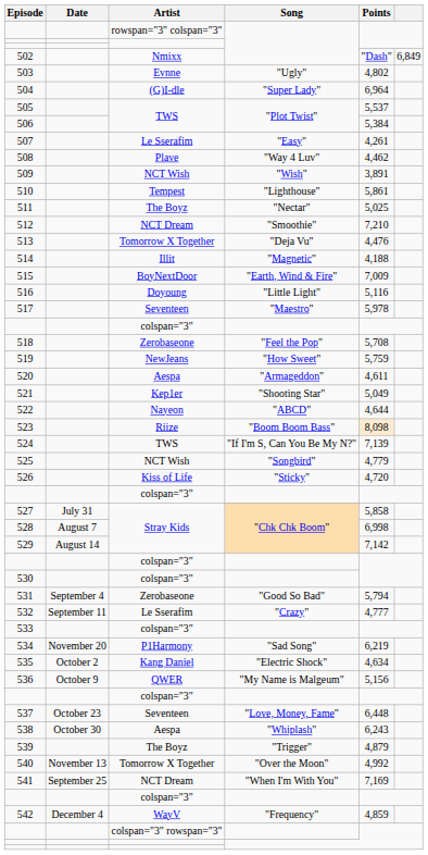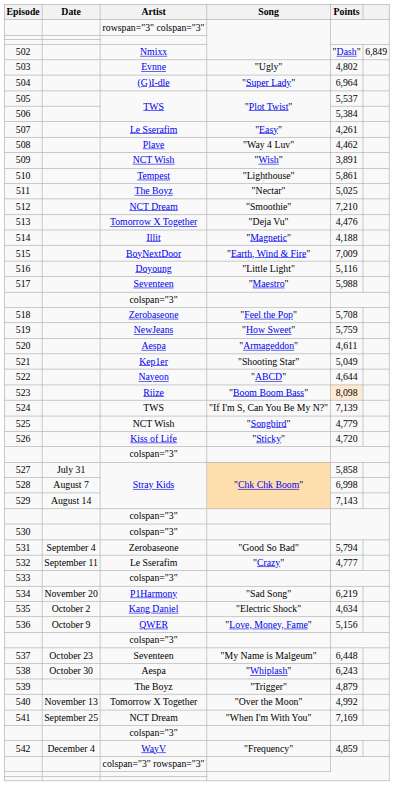 <table class="wikitable plainrowheaders sortable" style="text-align:center">
 <tr>
 <th scope="col">Episode</th>
 <th scope="col">Date</th>
 <th scope="col">Artist</th>
 <th scope="col">Song</th>
 <th scope="col">Points</th>
 <th class=unsortable></th>
 </tr>
 <tr>
 <td></td>
 <td></td>
 <td>rowspan="3" colspan="3" </td>
 <td rowspan="4"></td>
 </tr>
 <tr>
 <td></td>
 <td></td>
 </tr>
 <tr>
 <td></td>
 <td></td>
 </tr>
 <tr>
 <td>502</td>
 <td></td>
 <td><a href='#'>Nmixx</a></td>
 <td>"<a href='#'>Dash</a>"</td>
 <td>6,849</td>
 </tr>
 <tr>
 <td>503</td>
 <td></td>
 <td><a href='#'>Evnne</a></td>
 <td>"Ugly"</td>
 <td>4,802</td>
 <td></td>
 </tr>
 <tr>
 <td>504</td>
 <td></td>
 <td><a href='#'>(G)I-dle</a></td>
 <td>"<a href='#'>Super Lady</a>"</td>
 <td>6,964</td>
 <td></td>
 </tr>
 <tr>
 <td>505</td>
 <td></td>
 <td rowspan="2"><a href='#'>TWS</a></td>
 <td rowspan="2">"<a href='#'>Plot Twist</a>"</td>
 <td>5,537</td>
 <td></td>
 </tr>
 <tr>
 <td>506</td>
 <td></td>
 <td>5,384</td>
 <td></td>
 </tr>
 <tr>
 <td>507</td>
 <td></td>
 <td><a href='#'>Le Sserafim</a></td>
 <td>"<a href='#'>Easy</a>"</td>
 <td>4,261</td>
 <td></td>
 </tr>
 <tr>
 <td>508</td>
 <td></td>
 <td><a href='#'>Plave</a></td>
 <td>"Way 4 Luv"</td>
 <td>4,462</td>
 <td></td>
 </tr>
 <tr>
 <td>509</td>
 <td></td>
 <td><a href='#'>NCT Wish</a></td>
 <td>"<a href='#'>Wish</a>" </td>
 <td>3,891</td>
 <td></td>
 </tr>
 <tr>
 <td>510</td>
 <td></td>
 <td><a href='#'>Tempest</a></td>
 <td>"Lighthouse"</td>
 <td>5,861</td>
 <td></td>
 </tr>
 <tr>
 <td>511</td>
 <td></td>
 <td><a href='#'>The Boyz</a></td>
 <td>"Nectar"</td>
 <td>5,025</td>
 <td></td>
 </tr>
 <tr>
 <td>512</td>
 <td></td>
 <td><a href='#'>NCT Dream</a></td>
 <td>"Smoothie"</td>
 <td>7,210</td>
 <td></td>
 </tr>
 <tr>
 <td>513</td>
 <td></td>
 <td><a href='#'>Tomorrow X Together</a></td>
 <td>"Deja Vu"</td>
 <td>4,476</td>
 <td></td>
 </tr>
 <tr>
 <td>514</td>
 <td></td>
 <td><a href='#'>Illit</a></td>
 <td>"<a href='#'>Magnetic</a>"</td>
 <td>4,188</td>
 <td></td>
 </tr>
 <tr>
 <td>515</td>
 <td></td>
 <td><a href='#'>BoyNextDoor</a></td>
 <td>"<a href='#'>Earth, Wind & Fire</a>"</td>
 <td>7,009</td>
 <td></td>
 </tr>
 <tr>
 <td>516</td>
 <td></td>
 <td><a href='#'>Doyoung</a></td>
 <td>"Little Light"</td>
 <td>5,116</td>
 <td></td>
 </tr>
 <tr>
 <td>517</td>
 <td></td>
 <td><a href='#'>Seventeen</a></td>
 <td>"<a href='#'>Maestro</a>"</td>
-<td>5,978</td>
+<td>5,988</td>
 <td></td>
 </tr>
 <tr>
 <td></td>
 <td></td>
 <td>colspan="3"  </td>
 <td></td>
 </tr>
 <tr>
 <td>518</td>
 <td></td>
 <td><a href='#'>Zerobaseone</a></td>
 <td>"<a href='#'>Feel the Pop</a>"</td>
 <td>5,708</td>
 <td></td>
 </tr>
 <tr>
 <td>519</td>
 <td></td>
 <td><a href='#'>NewJeans</a></td>
 <td>"<a href='#'>How Sweet</a>"</td>
 <td>5,759</td>
 <td></td>
 </tr>
 <tr>
 <td>520</td>
 <td></td>
 <td><a href='#'>Aespa</a></td>
 <td>"<a href='#'>Armageddon</a>"</td>
 <td>4,611</td>
 <td></td>
 </tr>
 <tr>
 <td>521</td>
 <td></td>
 <td><a href='#'>Kep1er</a></td>
 <td>"Shooting Star"</td>
 <td>5,049</td>
 <td></td>
 </tr>
 <tr>
 <td>522</td>
 <td></td>
 <td><a href='#'>Nayeon</a></td>
 <td>"<a href='#'>ABCD</a>"</td>
 <td>4,644</td>
 <td></td>
 </tr>
 <tr>
 <td>523</td>
 <td></td>
 <td><a href='#'>Riize</a></td>
 <td>"<a href='#'>Boom Boom Bass</a>"</td>
 <td style="background:#FFEBD2">8,098</td>
 <td></td>
 </tr>
 <tr>
 <td>524</td>
 <td></td>
 <td>TWS</td>
 <td>"If I'm S, Can You Be My N?"</td>
 <td>7,139</td>
 <td></td>
 </tr>
 <tr>
 <td>525</td>
 <td></td>
 <td>NCT Wish</td>
 <td>"<a href='#'>Songbird</a>" </td>
 <td>4,779</td>
 <td></td>
 </tr>
 <tr>
 <td>526</td>
 <td></td>
 <td><a href='#'>Kiss of Life</a></td>
 <td>"<a href='#'>Sticky</a>"</td>
 <td>4,720</td>
 <td></td>
 </tr>
 <tr>
 <td></td>
 <td></td>
 <td>colspan="3"  </td>
 <td></td>
 </tr>
 <tr>
 <td>527</td>
 <td>July 31</td>
 <td rowspan="3"><a href='#'>Stray Kids</a></td>
 <td rowspan="3" style="background:#FFDEAD">"<a href='#'>Chk Chk Boom</a>"</td>
 <td>5,858</td>
 <td></td>
 </tr>
 <tr>
 <td>528</td>
 <td>August 7</td>
 <td>6,998</td>
 <td></td>
 </tr>
 <tr>
 <td>529</td>
 <td>August 14</td>
-<td>7,142</td>
+<td>7,143</td>
 <td></td>
 </tr>
 <tr>
 <td></td>
 <td></td>
 <td>colspan="3" </td>
 <td></td>
 </tr>
 <tr>
 <td>530</td>
 <td></td>
 <td>colspan="3" </td>
 <td></td>
 </tr>
 <tr>
 <td>531</td>
 <td>September 4</td>
 <td>Zerobaseone</td>
 <td>"Good So Bad"</td>
 <td>5,794</td>
 <td></td>
 </tr>
 <tr>
 <td>532</td>
 <td>September 11</td>
 <td>Le Sserafim</td>
 <td>"<a href='#'>Crazy</a>"</td>
 <td>4,777</td>
 <td></td>
 </tr>
 <tr>
 <td>533</td>
 <td></td>
 <td>colspan="3" </td>
 <td></td>
 </tr>
 <tr>
 <td>534</td>
 <td>November 20</td>
 <td><a href='#'>P1Harmony</a></td>
 <td>"Sad Song"</td>
 <td>6,219</td>
 <td></td>
 </tr>
 <tr>
 <td>535</td>
 <td>October 2</td>
 <td><a href='#'>Kang Daniel</a></td>
 <td>"Electric Shock"</td>
 <td>4,634</td>
 <td></td>
 </tr>
 <tr>
 <td>536</td>
 <td>October 9</td>
 <td><a href='#'>QWER</a></td>
-<td>"My Name is Malgeum"</td>
+<td>"<a href='#'>Love, Money, Fame</a>"</td>
 <td>5,156</td>
 <td></td>
 </tr>
 <tr>
 <td></td>
 <td></td>
 <td>colspan="3" </td>
 <td></td>
 </tr>
 <tr>
 <td>537</td>
 <td>October 23</td>
 <td>Seventeen</td>
-<td>"<a href='#'>Love, Money, Fame</a>"</td>
+<td>"My Name is Malgeum"</td>
 <td>6,448</td>
 <td></td>
 </tr>
 <tr>
 <td>538</td>
 <td>October 30</td>
 <td>Aespa</td>
 <td>"<a href='#'>Whiplash</a>"</td>
 <td>6,243</td>
 <td></td>
 </tr>
 <tr>
 <td>539</td>
 <td></td>
 <td>The Boyz</td>
 <td>"Trigger"</td>
 <td>4,879</td>
 <td></td>
 </tr>
 <tr>
 <td>540</td>
 <td>November 13</td>
 <td>Tomorrow X Together</td>
 <td>"Over the Moon"</td>
 <td>4,992</td>
 <td></td>
 </tr>
 <tr>
 <td>541</td>
 <td>September 25</td>
 <td>NCT Dream</td>
 <td>"When I'm With You"</td>
 <td>7,169</td>
 <td></td>
 </tr>
 <tr>
 <td></td>
 <td></td>
 <td>colspan="3" </td>
 <td></td>
 </tr>
 <tr>
 <td>542</td>
 <td>December 4</td>
 <td><a href='#'>WayV</a></td>
 <td>"Frequency" </td>
 <td>4,859</td>
 <td></td>
 </tr>
 <tr>
 <td></td>
 <td></td>
 <td>colspan="3" rowspan="3" </td>
 <td></td>
 </tr>
 <tr>
 <td></td>
 <td></td>
 <td></td>
 </tr>
 <tr>
 <td></td>
 <td></td>
 <td></td>
 </tr>
 </table>
